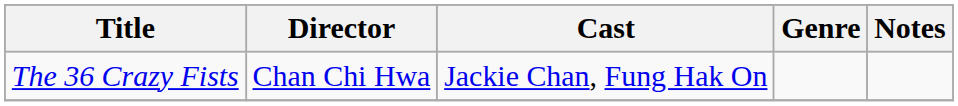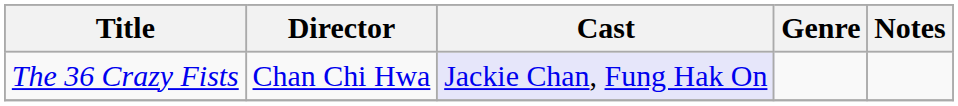 <table class="wikitable">
 <tr>
 <th>Title</th>
 <th>Director</th>
 <th>Cast</th>
 <th>Genre</th>
 <th>Notes</th>
 </tr>
 <tr>
 <td><em><a href='#'>The 36 Crazy Fists</a></em></td>
 <td><a href='#'>Chan Chi Hwa</a></td>
-<td><a href='#'>Jackie Chan</a>, <a href='#'>Fung Hak On</a></td>
+<td style="background: lavender;"><a href='#'>Jackie Chan</a>, <a href='#'>Fung Hak On</a></td>
 <td></td>
 <td></td>
 </tr>
 <tr>
 </tr>
 </table>
